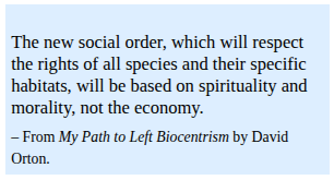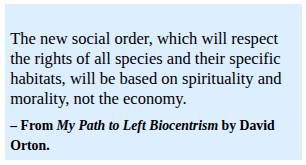 <table class="toccolours" style="float: left; margin-left: 1em; margin-right: 1em; font-size: 110%; background:#ddeeff; color:black; width:23em; max-width: 25%;" cellspacing="5">
 <tr>
 <td style="text-align: left;"><br>The new social order, which will respect the rights of all species and their specific habitats, will be based on spirituality and morality, not the economy.</td>
 </tr>
 <tr>
-<td style="text-align: left;"><small> –  From <em>My Path to Left Biocentrism</em> by David Orton.</small></td>
+<td style="text-align: left;"><strong><small> –  From <em>My Path to Left Biocentrism</em> by David Orton.</small></strong></td>
 </tr>
 </table>
